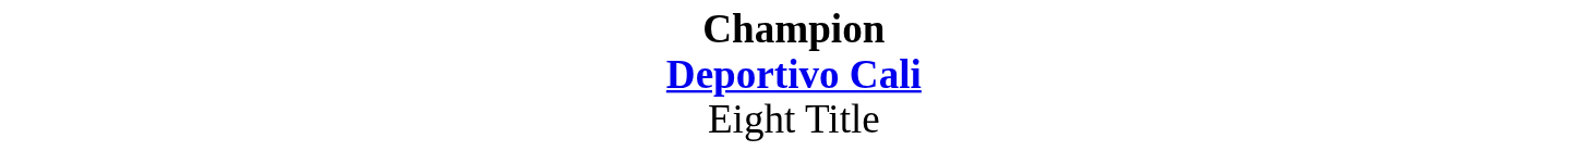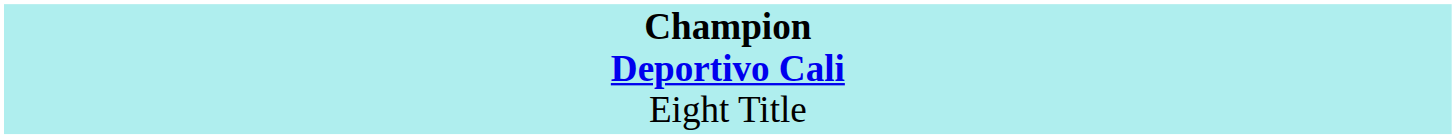 <table cellspacing=0 width=100%>
 <tr>
 <td align=center><br><br></td>
 </tr>
 <tr>
-<td align=center><strong>Champion<br><a href='#'>Deportivo Cali</a></strong><br>Eight Title</td>
+<td align=center style="background: paleturquoise;"><strong>Champion<br><a href='#'>Deportivo Cali</a></strong><br>Eight Title</td>
 </tr>
 </table>
